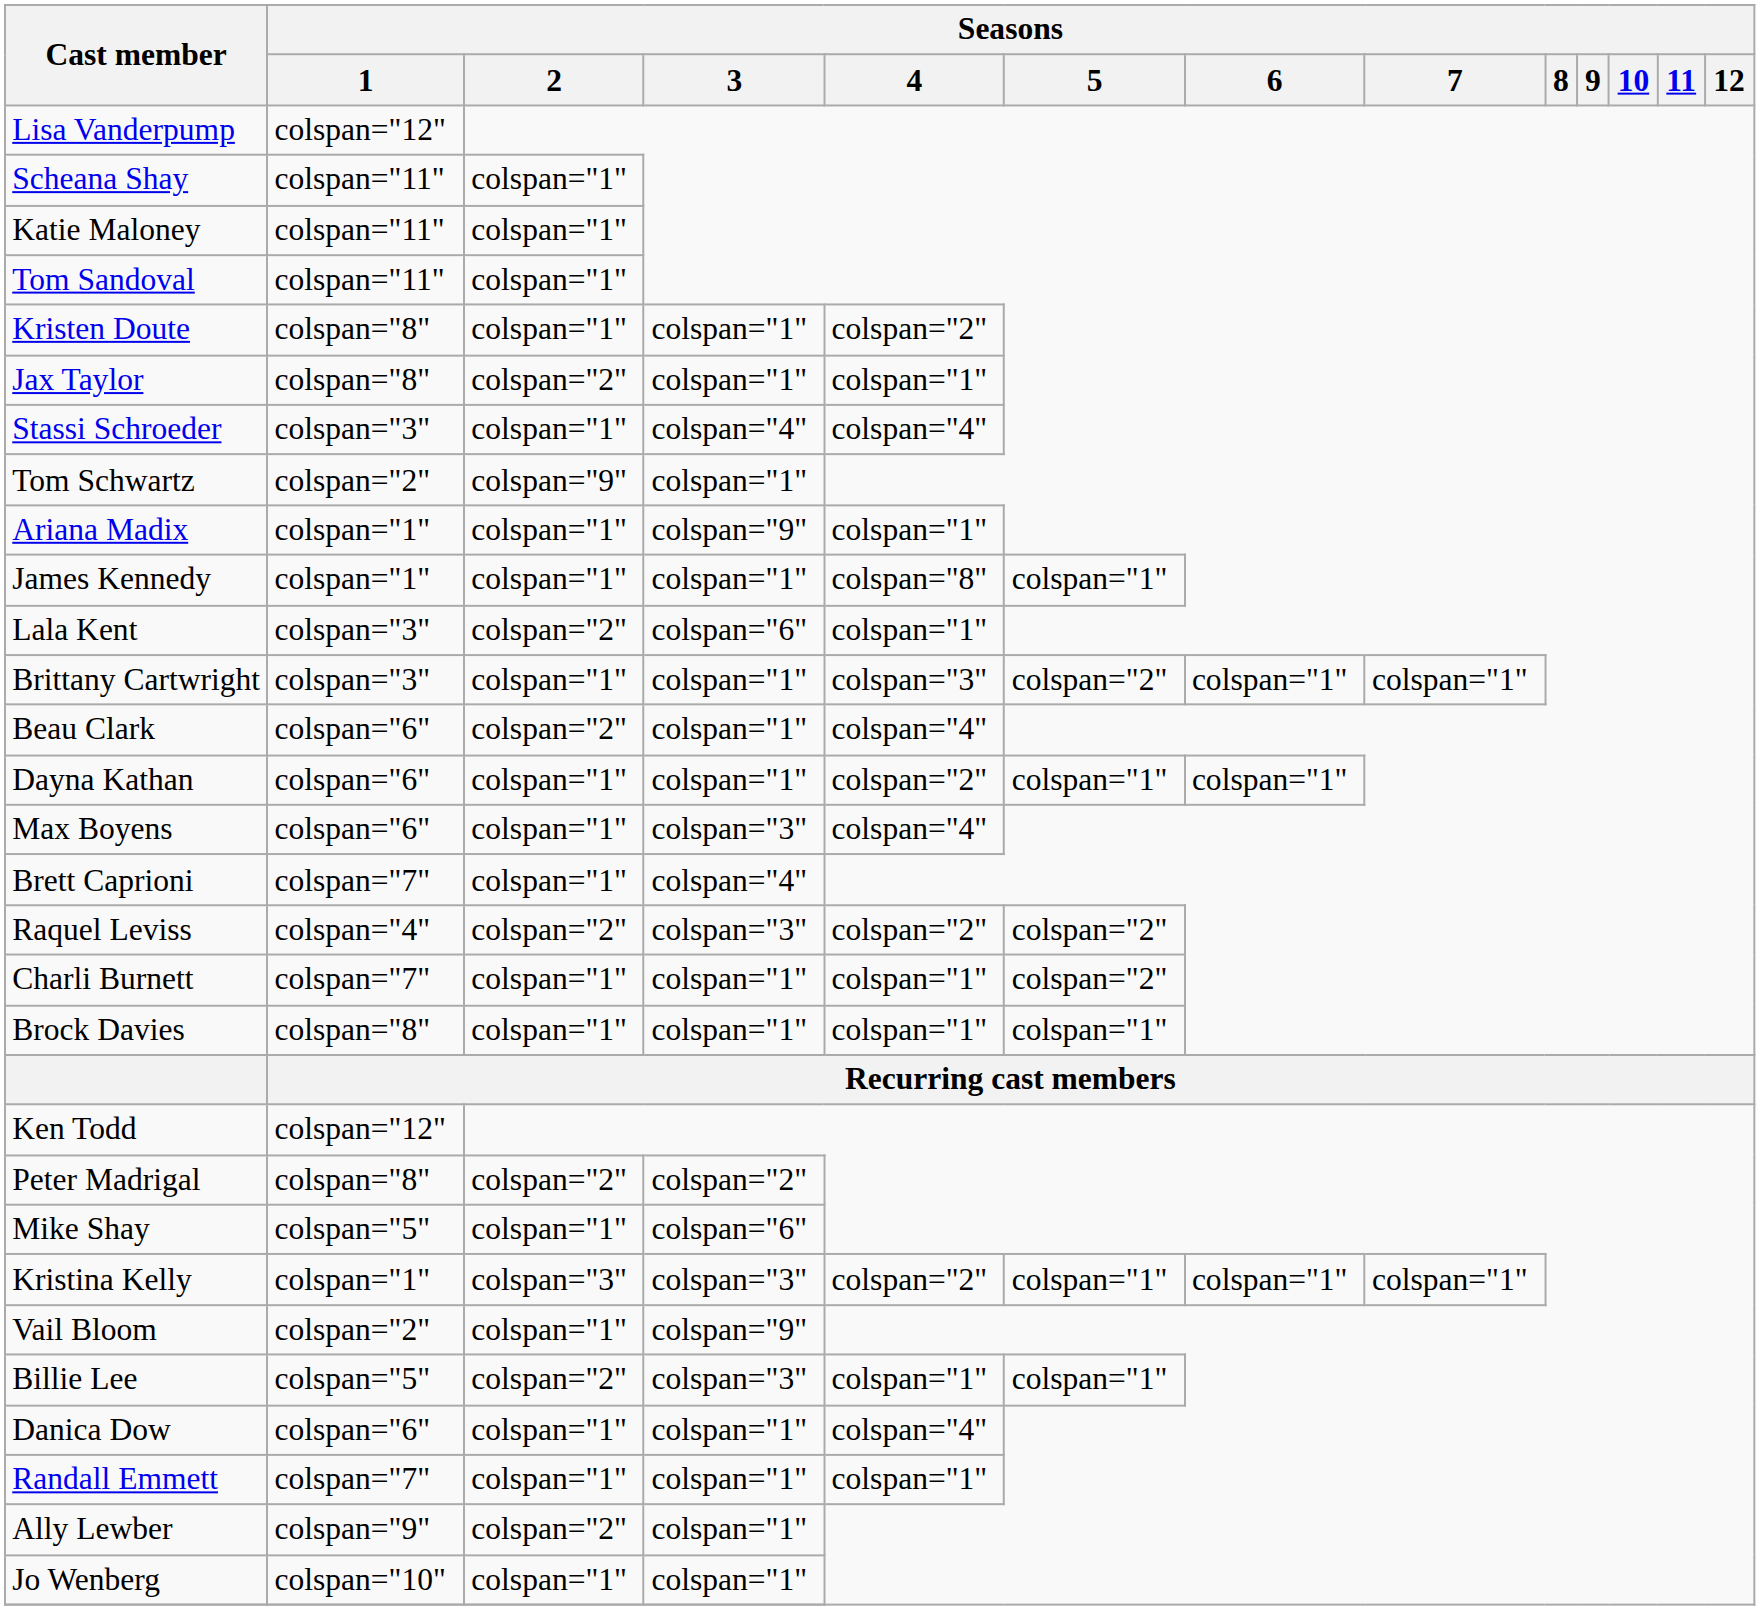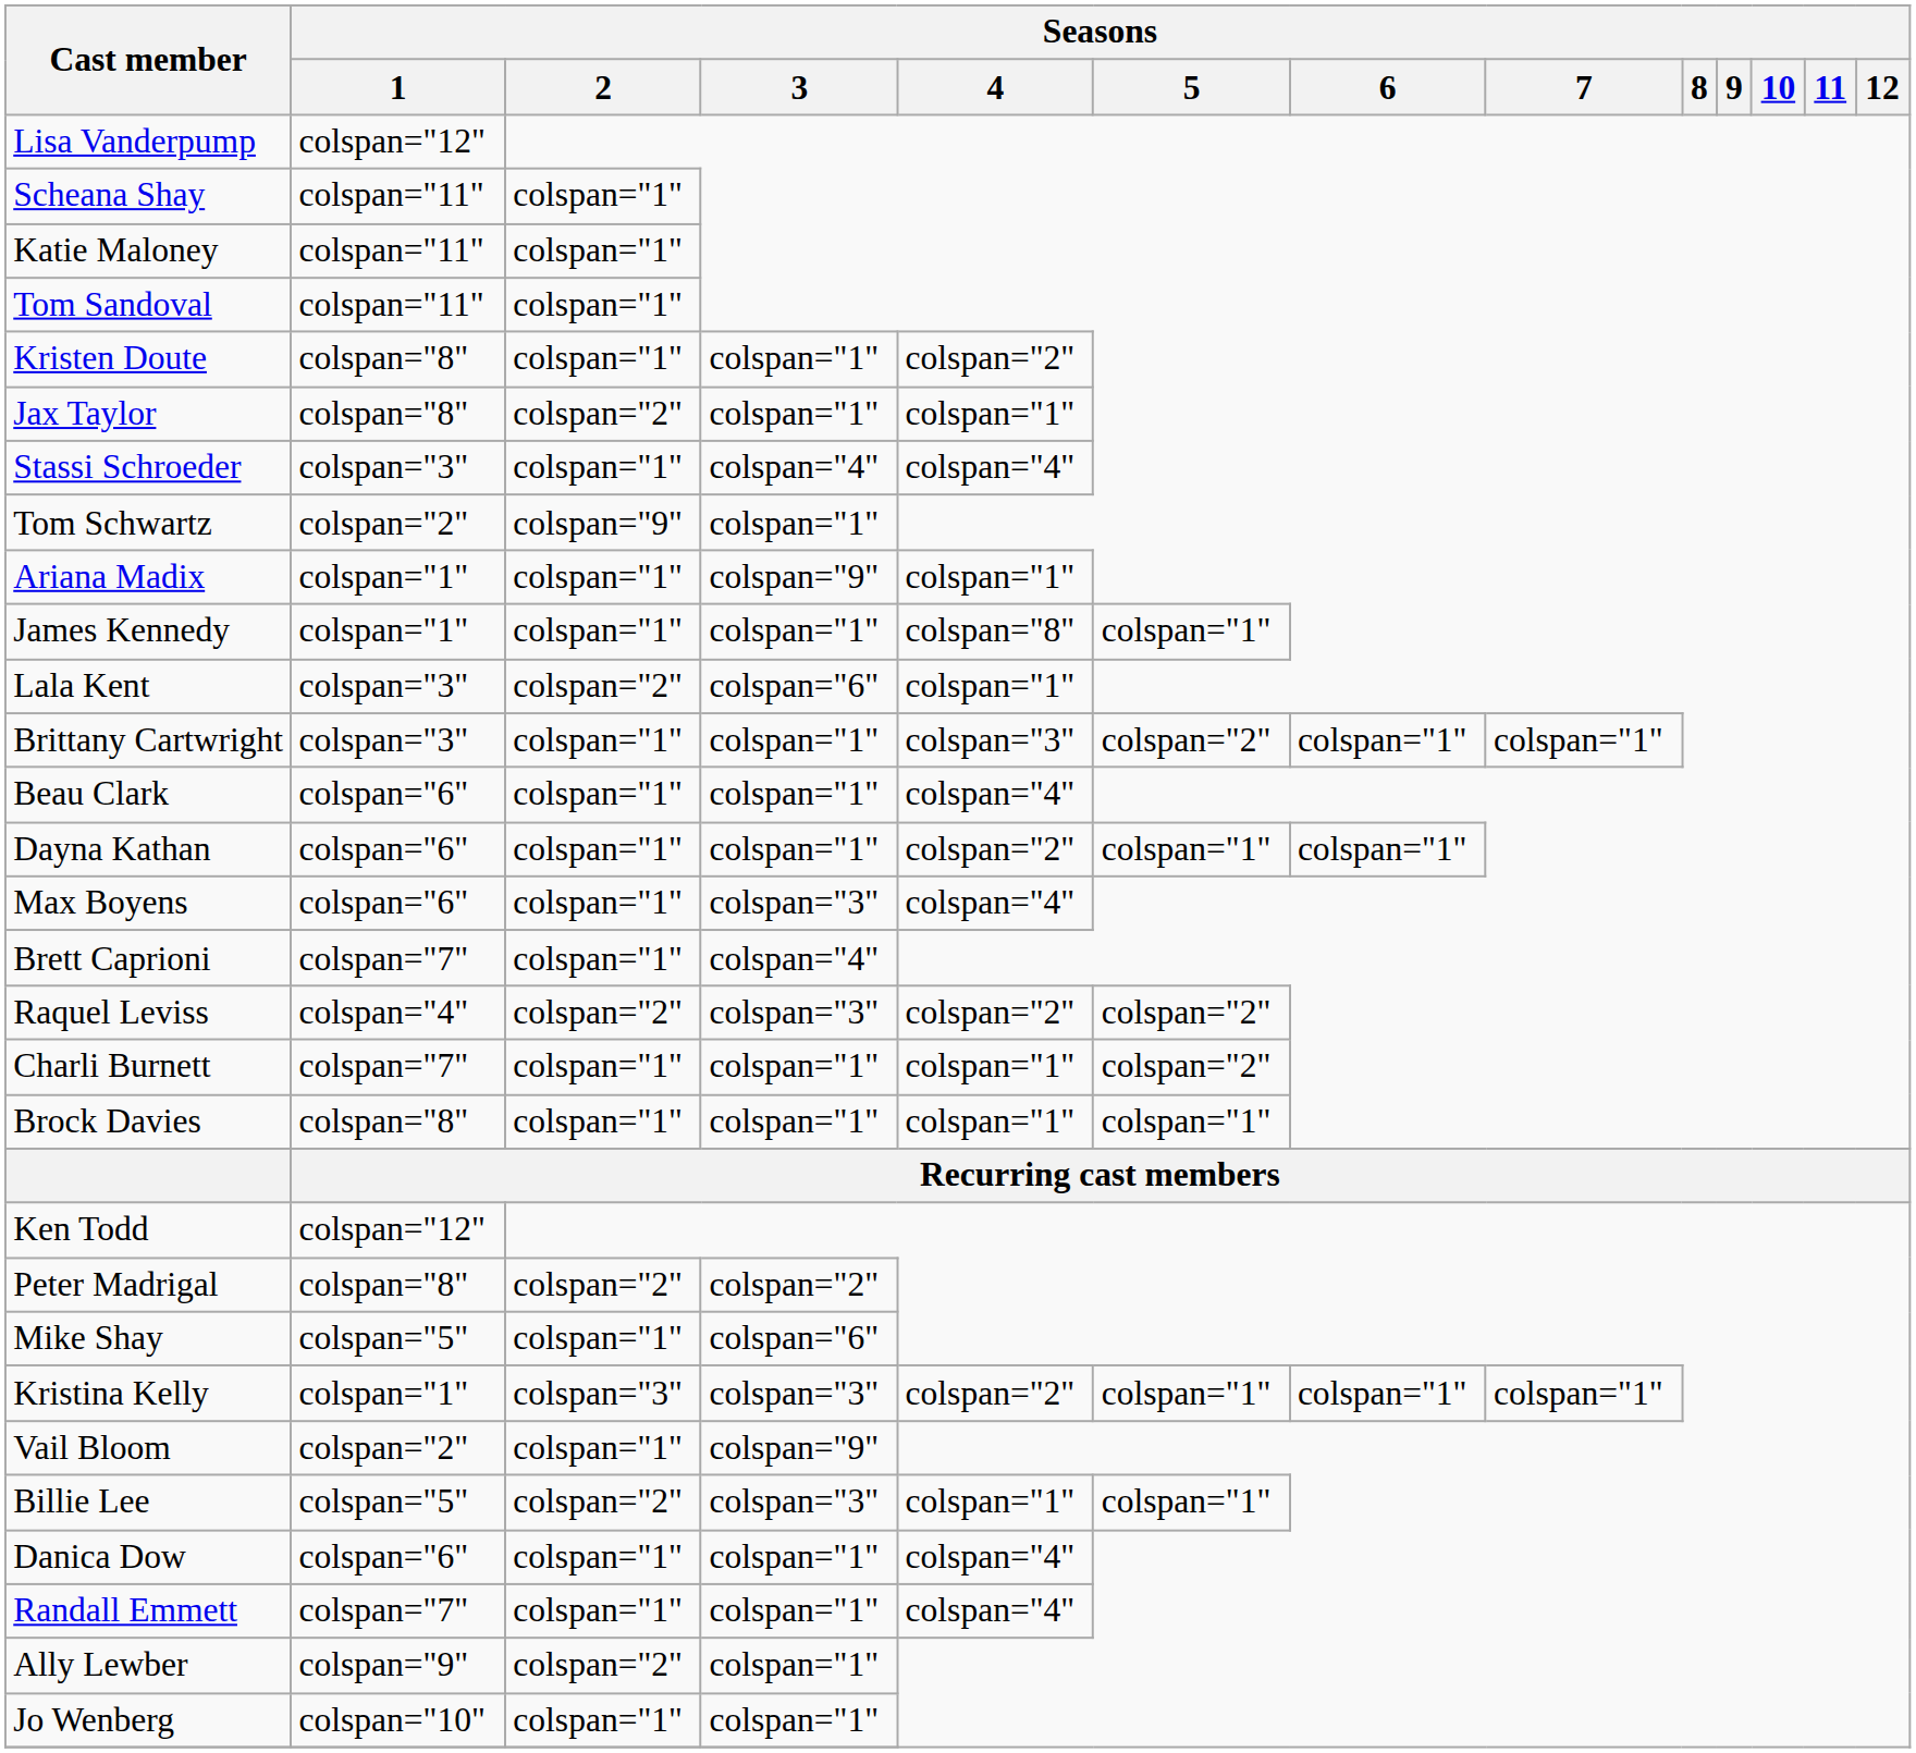 <table class="wikitable plainrowheaders">
 <tr>
 <th rowspan="2">Cast member</th>
 <th colspan="12">Seasons</th>
 </tr>
 <tr>
 <th>1</th>
 <th>2</th>
 <th>3</th>
 <th>4</th>
 <th>5</th>
 <th>6</th>
 <th>7</th>
 <th>8</th>
 <th>9</th>
 <th><a href='#'>10</a></th>
 <th><a href='#'>11</a></th>
 <th>12</th>
 </tr>
 <tr>
 <td scope="row"><a href='#'>Lisa Vanderpump</a></td>
 <td>colspan="12" </td>
 </tr>
 <tr>
 <td scope="row"><a href='#'>Scheana Shay</a></td>
 <td>colspan="11" </td>
 <td>colspan="1" </td>
 </tr>
 <tr>
 <td scope="row">Katie Maloney</td>
 <td>colspan="11" </td>
 <td>colspan="1" </td>
 </tr>
 <tr>
 <td scope="row"><a href='#'>Tom Sandoval</a></td>
 <td>colspan="11" </td>
 <td>colspan="1" </td>
 </tr>
 <tr>
 <td scope="row"><a href='#'>Kristen Doute</a></td>
 <td>colspan="8" </td>
 <td>colspan="1" </td>
 <td>colspan="1" </td>
 <td>colspan="2" </td>
 </tr>
 <tr>
 <td scope="row"><a href='#'>Jax Taylor</a></td>
 <td>colspan="8" </td>
 <td>colspan="2" </td>
 <td>colspan="1" </td>
 <td>colspan="1" </td>
 </tr>
 <tr>
 <td scope="row"><a href='#'>Stassi Schroeder</a></td>
 <td>colspan="3" </td>
 <td>colspan="1" </td>
 <td>colspan="4" </td>
 <td>colspan="4" </td>
 </tr>
 <tr>
 <td scope="row">Tom Schwartz</td>
 <td>colspan="2" </td>
 <td>colspan="9" </td>
 <td>colspan="1" </td>
 </tr>
 <tr>
 <td scope="row"><a href='#'>Ariana Madix</a></td>
 <td>colspan="1" </td>
 <td>colspan="1" </td>
 <td>colspan="9" </td>
 <td>colspan="1" </td>
 </tr>
 <tr>
 <td scope="row">James Kennedy</td>
 <td>colspan="1" </td>
 <td>colspan="1" </td>
 <td>colspan="1" </td>
 <td>colspan="8" </td>
 <td>colspan="1" </td>
 </tr>
 <tr>
 <td scope="row">Lala Kent</td>
 <td>colspan="3" </td>
 <td>colspan="2" </td>
 <td>colspan="6" </td>
 <td>colspan="1" </td>
 </tr>
 <tr>
 <td scope="row" nowrap>Brittany Cartwright</td>
 <td>colspan="3" </td>
 <td>colspan="1" </td>
 <td>colspan="1" </td>
 <td>colspan="3" </td>
 <td>colspan="2" </td>
 <td>colspan="1" </td>
 <td>colspan="1" </td>
 </tr>
 <tr>
 <td scope="row">Beau Clark</td>
 <td>colspan="6" </td>
-<td>colspan="2" </td>
+<td>colspan="1" </td>
 <td>colspan="1" </td>
 <td>colspan="4" </td>
 </tr>
 <tr>
 <td scope="row">Dayna Kathan</td>
 <td>colspan="6" </td>
 <td>colspan="1" </td>
 <td>colspan="1" </td>
 <td>colspan="2" </td>
 <td>colspan="1" </td>
 <td>colspan="1" </td>
 </tr>
 <tr>
 <td scope="row">Max Boyens</td>
 <td>colspan="6" </td>
 <td>colspan="1" </td>
 <td>colspan="3" </td>
 <td>colspan="4" </td>
 </tr>
 <tr>
 <td scope="row">Brett Caprioni</td>
 <td>colspan="7" </td>
 <td>colspan="1" </td>
 <td>colspan="4" </td>
 </tr>
 <tr>
 <td scope="row">Raquel Leviss</td>
 <td>colspan="4" </td>
 <td>colspan="2" </td>
 <td>colspan="3" </td>
 <td>colspan="2" </td>
 <td>colspan="2" </td>
 </tr>
 <tr>
 <td scope="row">Charli Burnett</td>
 <td>colspan="7" </td>
 <td>colspan="1" </td>
 <td>colspan="1" </td>
 <td>colspan="1" </td>
 <td>colspan="2" </td>
 </tr>
 <tr>
 <td scope="row">Brock Davies</td>
 <td>colspan="8" </td>
 <td>colspan="1" </td>
 <td>colspan="1" </td>
 <td>colspan="1" </td>
 <td>colspan="1" </td>
 </tr>
 <tr>
 <th rowspan="1" style="width:15%;"></th>
 <th colspan="12">Recurring cast members</th>
 </tr>
 <tr>
 <td scope="row">Ken Todd</td>
 <td>colspan="12" </td>
 </tr>
 <tr>
 <td scope="row">Peter Madrigal</td>
 <td>colspan="8" </td>
 <td>colspan="2" </td>
 <td>colspan="2" </td>
 </tr>
 <tr>
 <td scope="row">Mike Shay</td>
 <td>colspan="5" </td>
 <td>colspan="1" </td>
 <td>colspan="6" </td>
 </tr>
 <tr>
 <td scope="row">Kristina Kelly</td>
 <td>colspan="1" </td>
 <td>colspan="3" </td>
 <td>colspan="3" </td>
 <td>colspan="2" </td>
 <td>colspan="1" </td>
 <td>colspan="1" </td>
 <td>colspan="1" </td>
 </tr>
 <tr>
 <td scope="row">Vail Bloom</td>
 <td>colspan="2" </td>
 <td>colspan="1" </td>
 <td>colspan="9" </td>
 </tr>
 <tr>
 <td scope="row">Billie Lee</td>
 <td>colspan="5" </td>
 <td>colspan="2" </td>
 <td>colspan="3" </td>
 <td>colspan="1" </td>
 <td>colspan="1" </td>
 </tr>
 <tr>
 <td scope="row">Danica Dow</td>
 <td>colspan="6" </td>
 <td>colspan="1" </td>
 <td>colspan="1" </td>
 <td>colspan="4" </td>
 </tr>
 <tr>
 <td scope="row"><a href='#'>Randall Emmett</a></td>
 <td>colspan="7" </td>
 <td>colspan="1" </td>
 <td>colspan="1" </td>
-<td>colspan="1" </td>
+<td>colspan="4" </td>
 </tr>
 <tr>
 <td scope="row">Ally Lewber</td>
 <td>colspan="9" </td>
 <td>colspan="2" </td>
 <td>colspan="1" </td>
 </tr>
 <tr>
 <td scope="row">Jo Wenberg</td>
 <td>colspan="10" </td>
 <td>colspan="1" </td>
 <td>colspan="1" </td>
 </tr>
 <tr>
 </tr>
 </table>
